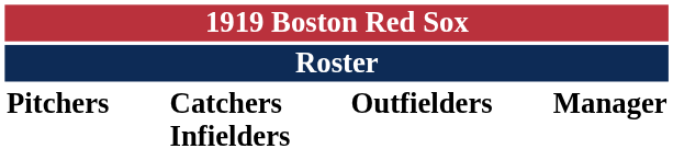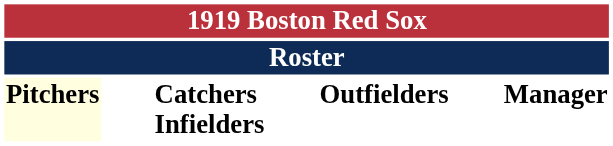 <table class="toccolours" style="text-align: left;">
 <tr>
 <th colspan="10" style="background-color: #ba313c; color: white; text-align: center;">1919 Boston Red Sox</th>
 </tr>
 <tr>
 <td colspan="10" style="background-color: #0d2b56; color: white; text-align: center;"><strong>Roster</strong></td>
 </tr>
 <tr>
-<td valign="top"><strong>Pitchers</strong><br>           </td>
+<td valign="top" style="background: lightyellow;"><strong>Pitchers</strong><br>           </td>
 <td width="25px"></td>
 <td valign="top"><strong>Catchers</strong><br>   <strong>Infielders</strong>         </td>
 <td width="25px"></td>
 <td valign="top"><strong>Outfielders</strong><br>      </td>
 <td width="25px"></td>
 <td valign="top"><strong>Manager</strong><br></td>
 </tr>
 <tr>
 </tr>
 </table>
